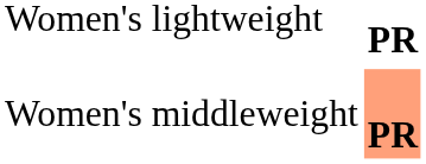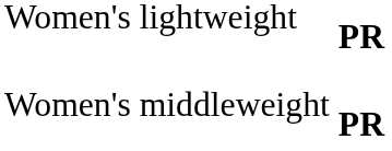 <table>
 <tr>
 <td>Women's lightweight<br></td>
 <td><br> <strong> PR</strong></td>
 <td></td>
 <td></td>
 </tr>
 <tr>
 <td>Women's middleweight<br></td>
-<td style="background: lightsalmon;"><br> <strong> PR</strong></td>
+<td><br> <strong> PR</strong></td>
 <td></td>
 <td></td>
 </tr>
 </table>
